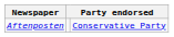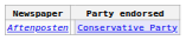 <table class="wikitable">
 <tr>
 <th>Newspaper</th>
 <th colspan=2>Party endorsed</th>
 </tr>
 <tr>
 <td rowspan="1"><em><a href='#'>Aftenposten</a></em></td>
 <td bgcolor=></td>
-<td><a href='#'>Conservative Party</a></td>
+<td style="background: lavender;"><a href='#'>Conservative Party</a></td>
 </tr>
 </table>
